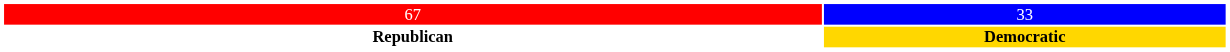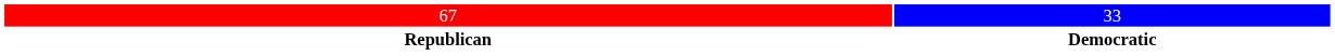 <table style="width:60%; text-align:center;">
 <tr style="color:white;">
 <td style="background:red; width:67.0%;">67</td>
 <td style="background:blue; width:33.0%;">33</td>
 </tr>
 <tr>
 <td><span><strong>Republican</strong></span></td>
-<td style="background: gold;"><span><strong>Democratic</strong></span></td>
+<td><span><strong>Democratic</strong></span></td>
 </tr>
 </table>
